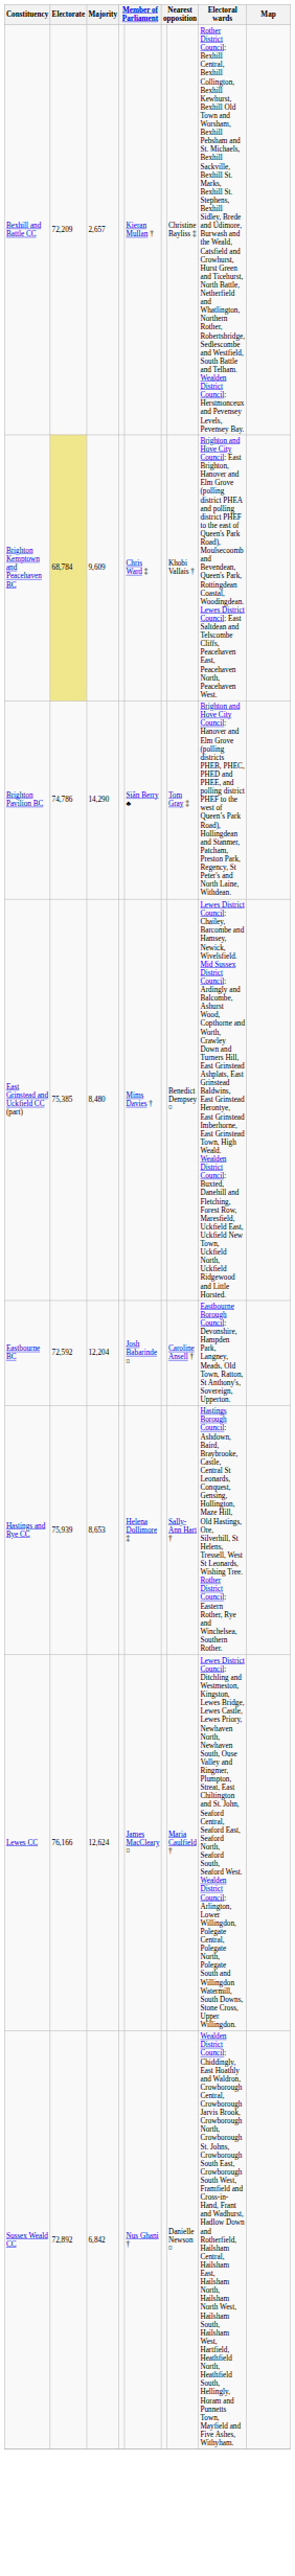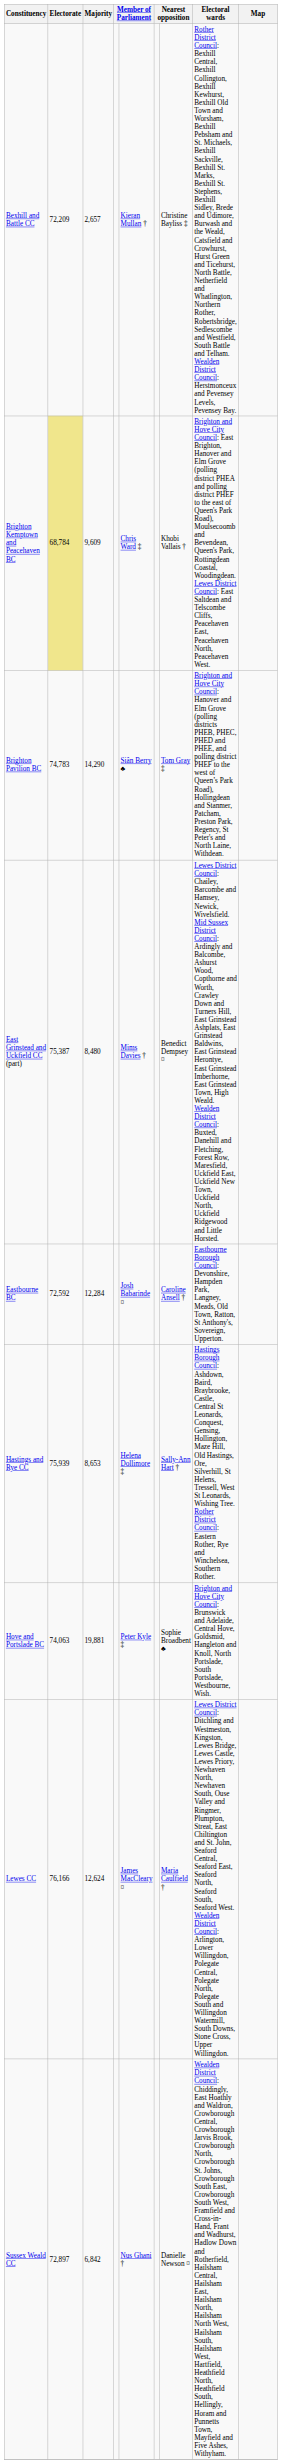 <table class="wikitable sortable">
 <tr>
 <th rowspan=1>Constituency</th>
 <th rowspan=1>Electorate</th>
 <th rowspan=1>Majority</th>
 <th colspan=2 class=unsortable><a href='#'>Member of Parliament</a></th>
 <th colspan=2 class=unsortable>Nearest opposition</th>
 <th rowspan=1 class=unsortable>Electoral wards</th>
 <th class="unsortable" rowspan="1" style="width:20%;">Map</th>
 </tr>
 <tr>
 <td><a href='#'>Bexhill and Battle CC</a></td>
 <td>72,209</td>
 <td>2,657</td>
 <td style="color:inherit;background:"> </td>
 <td><a href='#'>Kieran Mullan</a> †</td>
 <td style="color:inherit;background:"></td>
 <td>Christine Bayliss ‡</td>
 <td><a href='#'>Rother District Council</a>: Bexhill Central, Bexhill Collington, Bexhill Kewhurst, Bexhill Old Town and Worsham, Bexhill Pebsham and St. Michaels, Bexhill Sackville, Bexhill St. Marks, Bexhill St. Stephens, Bexhill Sidley, Brede and Udimore, Burwash and the Weald, Catsfield and Crowhurst, Hurst Green and Ticehurst, North Battle, Netherfield and Whatlington, Northern Rother, Robertsbridge, Sedlescombe and Westfield, South Battle and Telham. <a href='#'>Wealden District Council</a>: Herstmonceux and Pevensey Levels, Pevensey Bay.</td>
 <td></td>
 </tr>
 <tr>
 <td><a href='#'>Brighton Kemptown and Peacehaven BC</a></td>
 <td style="background: khaki;">68,784</td>
 <td>9,609</td>
 <td style="color:inherit;background:"> </td>
 <td><a href='#'>Chris Ward</a> ‡</td>
 <td style="color:inherit;background:"> </td>
 <td>Khobi Vallais †</td>
 <td><a href='#'>Brighton and Hove City Council</a>: East Brighton, Hanover and Elm Grove (polling district PHEA and polling district PHEF to the east of Queen's Park Road), Moulsecoomb and Bevendean, Queen's Park, Rottingdean Coastal, Woodingdean. <a href='#'>Lewes District Council</a>: East Saltdean and Telscombe Cliffs, Peacehaven East, Peacehaven North, Peacehaven West.</td>
 <td></td>
 </tr>
 <tr>
 <td><a href='#'>Brighton Pavilion BC</a></td>
-<td>74,786</td>
+<td>74,783</td>
 <td>14,290</td>
 <td style="color:inherit;background:"> </td>
 <td><a href='#'>Siân Berry</a> ♣</td>
 <td style="color:inherit;background:"> </td>
 <td><a href='#'>Tom Gray</a> ‡</td>
 <td><a href='#'>Brighton and Hove City Council</a>: Hanover and Elm Grove (polling districts PHEB, PHEC, PHED and PHEE, and polling district PHEF to the west of Queen’s Park Road), Hollingdean and Stanmer, Patcham, Preston Park, Regency, St Peter's and North Laine, Withdean.</td>
 <td></td>
 </tr>
 <tr>
 <td><a href='#'>East Grinstead and Uckfield CC</a> (part)</td>
-<td>75,385</td>
+<td>75,387</td>
 <td>8,480</td>
 <td style="color:inherit;background:"> </td>
 <td><a href='#'>Mims Davies</a> †</td>
 <td style="color:inherit;background:"></td>
 <td>Benedict Dempsey ¤</td>
 <td><a href='#'>Lewes District Council</a>: Chailey, Barcombe and Hamsey, Newick, Wivelsfield. <a href='#'>Mid Sussex District Council</a>: Ardingly and Balcombe, Ashurst Wood, Copthorne and Worth, Crawley Down and Turners Hill, East Grinstead Ashplats, East Grinstead Baldwins, East Grinstead Herontye, East Grinstead Imberhorne, East Grinstead Town, High Weald. <a href='#'>Wealden District Council</a>: Buxted, Danehill and Fletching, Forest Row, Maresfield, Uckfield East, Uckfield New Town, Uckfield North, Uckfield Ridgewood and Little Horsted.</td>
 <td></td>
 </tr>
 <tr>
 <td><a href='#'>Eastbourne BC</a></td>
 <td>72,592</td>
-<td>12,204</td>
+<td>12,284</td>
 <td style="color:inherit;background:"></td>
 <td><a href='#'>Josh Babarinde</a> ¤</td>
 <td style="color:inherit;background:"> </td>
 <td><a href='#'>Caroline Ansell</a> †</td>
 <td><a href='#'>Eastbourne Borough Council</a>: Devonshire, Hampden Park, Langney, Meads, Old Town, Ratton, St Anthony's, Sovereign, Upperton.</td>
 <td></td>
 </tr>
 <tr>
 <td><a href='#'>Hastings and Rye CC</a></td>
 <td>75,939</td>
 <td>8,653</td>
 <td style="color:inherit;background:"> </td>
 <td><a href='#'>Helena Dollimore</a> ‡</td>
 <td style="color:inherit;background:"> </td>
 <td><a href='#'>Sally-Ann Hart</a> †</td>
 <td><a href='#'>Hastings Borough Council</a>: Ashdown, Baird, Braybrooke, Castle, Central St Leonards, Conquest, Gensing, Hollington, Maze Hill, Old Hastings, Ore, Silverhill, St Helens, Tressell, West St Leonards, Wishing Tree. <a href='#'>Rother District Council</a>: Eastern Rother, Rye and Winchelsea, Southern Rother.</td>
 <td></td>
 </tr>
 <tr>
+<td><a href='#'>Hove and Portslade BC</a></td>
+<td>74,063</td>
+<td>19,881</td>
+<td style="color:inherit;background:"> </td>
+<td><a href='#'>Peter Kyle</a> ‡</td>
+<td style="color:inherit;background:"> </td>
+<td>Sophie Broadbent ♣</td>
+<td><a href='#'>Brighton and Hove City Council</a>: Brunswick and Adelaide, Central Hove, Goldsmid, Hangleton and Knoll, North Portslade, South Portslade, Westbourne, Wish.</td>
+<td></td>
+</tr>
+<tr>
 <td><a href='#'>Lewes CC</a></td>
 <td>76,166</td>
 <td>12,624</td>
 <td style="color:inherit;background:"></td>
 <td><a href='#'>James MacCleary</a> ¤</td>
 <td style="color:inherit;background:"> </td>
 <td><a href='#'>Maria Caulfield</a> †</td>
 <td><a href='#'>Lewes District Council</a>: Ditchling and Westmeston, Kingston, Lewes Bridge, Lewes Castle, Lewes Priory, Newhaven North, Newhaven South, Ouse Valley and Ringmer, Plumpton, Streat, East Chiltington and St. John, Seaford Central, Seaford East, Seaford North, Seaford South, Seaford West. <a href='#'>Wealden District Council</a>: Arlington, Lower Willingdon, Polegate Central, Polegate North, Polegate South and Willingdon Watermill, South Downs, Stone Cross, Upper Willingdon.</td>
 <td></td>
 </tr>
 <tr>
 <td><a href='#'>Sussex Weald CC</a></td>
-<td>72,892</td>
+<td>72,897</td>
 <td>6,842</td>
 <td style="color:inherit;background:"> </td>
 <td><a href='#'>Nus Ghani</a> †</td>
 <td style="color:inherit;background:"></td>
 <td>Danielle Newson ¤</td>
 <td><a href='#'>Wealden District Council</a>: Chiddingly, East Hoathly and Waldron, Crowborough Central, Crowborough Jarvis Brook, Crowborough North, Crowborough St. Johns, Crowborough South East, Crowborough South West, Framfield and Cross-in-Hand, Frant and Wadhurst, Hadlow Down and Rotherfield, Hailsham Central, Hailsham East, Hailsham North, Hailsham North West, Hailsham South, Hailsham West, Hartfield, Heathfield North, Heathfield South, Hellingly, Horam and Punnetts Town, Mayfield and Five Ashes, Withyham.</td>
 <td></td>
 </tr>
 <tr>
 </tr>
 </table>
